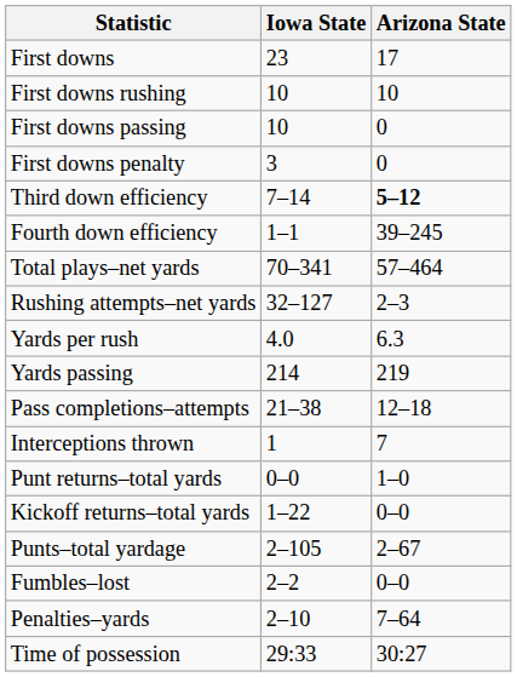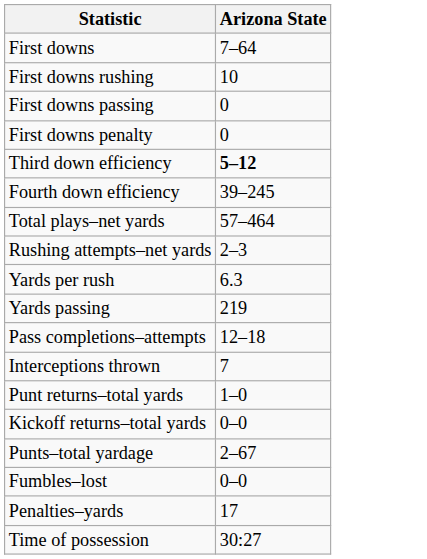 <table class="wikitable">
 <tr>
 <th>Statistic</th>
-<th><strong>Iowa State</strong></th>
 <th><strong>Arizona State</strong></th>
 </tr>
 <tr>
 <td>First downs</td>
-<td>23</td>
-<td>17</td>
+<td>7–64</td>
 </tr>
 <tr>
 <td>First downs rushing</td>
 <td>10</td>
-<td>10</td>
 </tr>
 <tr>
 <td>First downs passing</td>
-<td>10</td>
 <td>0</td>
 </tr>
 <tr>
 <td>First downs penalty</td>
-<td>3</td>
 <td>0</td>
 </tr>
 <tr>
 <td>Third down efficiency</td>
-<td>7–14</td>
 <td><strong>5–12</strong></td>
 </tr>
 <tr>
 <td>Fourth down efficiency</td>
-<td>1–1</td>
 <td>39–245</td>
 </tr>
 <tr>
 <td>Total plays–net yards</td>
-<td>70–341</td>
 <td>57–464</td>
 </tr>
 <tr>
 <td>Rushing attempts–net yards</td>
-<td>32–127</td>
 <td>2–3</td>
 </tr>
 <tr>
 <td>Yards per rush</td>
-<td>4.0</td>
 <td>6.3</td>
 </tr>
 <tr>
 <td>Yards passing</td>
-<td>214</td>
 <td>219</td>
 </tr>
 <tr>
 <td>Pass completions–attempts</td>
-<td>21–38</td>
 <td>12–18</td>
 </tr>
 <tr>
 <td>Interceptions thrown</td>
-<td>1</td>
 <td>7</td>
 </tr>
 <tr>
 <td>Punt returns–total yards</td>
-<td>0–0</td>
 <td>1–0</td>
 </tr>
 <tr>
 <td>Kickoff returns–total yards</td>
-<td>1–22</td>
 <td>0–0</td>
 </tr>
 <tr>
 <td>Punts–total yardage</td>
-<td>2–105</td>
 <td>2–67</td>
 </tr>
 <tr>
 <td>Fumbles–lost</td>
-<td>2–2</td>
 <td>0–0</td>
 </tr>
 <tr>
 <td>Penalties–yards</td>
-<td>2–10</td>
-<td>7–64</td>
+<td>17</td>
 </tr>
 <tr>
 <td>Time of possession</td>
-<td>29:33</td>
 <td>30:27</td>
 </tr>
 </table>
